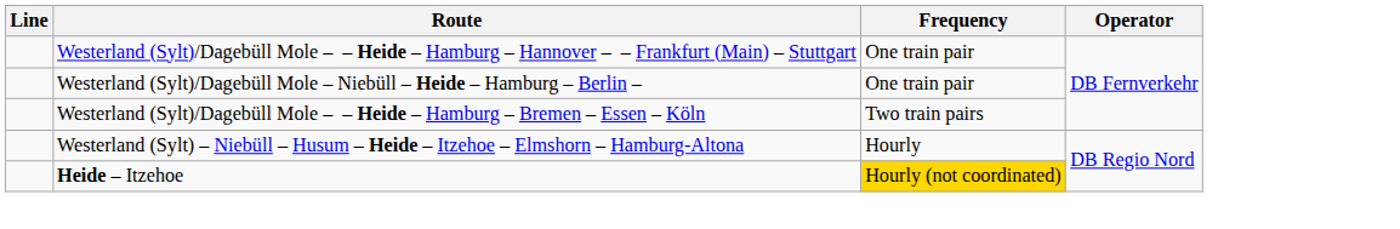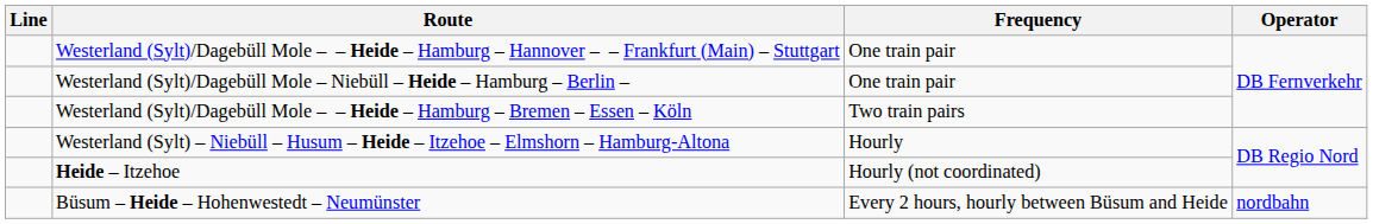 <table class="wikitable">
 <tr>
 <th>Line</th>
 <th>Route</th>
 <th>Frequency</th>
 <th>Operator</th>
 </tr>
 <tr>
 <td></td>
 <td><a href='#'>Westerland (Sylt)</a>/Dagebüll Mole –  – <strong>Heide</strong> – <a href='#'>Hamburg</a> – <a href='#'>Hannover</a> –  – <a href='#'>Frankfurt (Main)</a> – <a href='#'>Stuttgart</a></td>
 <td>One train pair</td>
 <td rowspan="3"><a href='#'>DB Fernverkehr</a></td>
 </tr>
 <tr>
 <td></td>
 <td>Westerland (Sylt)/Dagebüll Mole – Niebüll – <strong>Heide</strong> – Hamburg – <a href='#'>Berlin</a> – </td>
 <td>One train pair</td>
 </tr>
 <tr>
 <td></td>
 <td>Westerland (Sylt)/Dagebüll Mole –  – <strong>Heide</strong> – <a href='#'>Hamburg</a> – <a href='#'>Bremen</a> – <a href='#'>Essen</a> – <a href='#'>Köln</a></td>
 <td>Two train pairs</td>
 </tr>
 <tr>
 <td></td>
 <td>Westerland (Sylt) – <a href='#'>Niebüll</a> – <a href='#'>Husum</a> – <strong>Heide</strong> – <a href='#'>Itzehoe</a> – <a href='#'>Elmshorn</a> – <a href='#'>Hamburg-Altona</a></td>
 <td>Hourly</td>
 <td rowspan="2"><a href='#'>DB Regio Nord</a></td>
 </tr>
 <tr>
 <td></td>
 <td><strong>Heide</strong> – Itzehoe</td>
-<td style="background: gold;">Hourly (not coordinated)</td>
+<td>Hourly (not coordinated)</td>
+</tr>
+<tr>
+<td></td>
+<td>Büsum – <strong>Heide</strong> – Hohenwestedt – <a href='#'>Neumünster</a></td>
+<td>Every 2 hours, hourly between Büsum and Heide</td>
+<td><a href='#'>nordbahn</a></td>
 </tr>
 </table>
